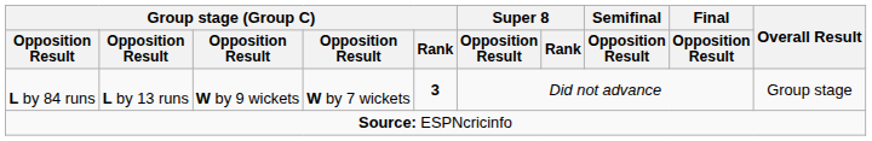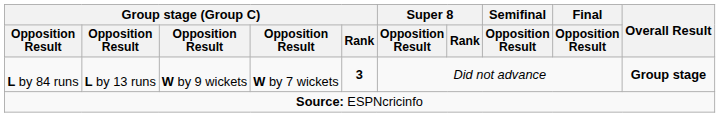 <table class=wikitable style=font-size:90%;text-align:center>
 <tr>
 <th colspan=5>Group stage (Group C)</th>
 <th colspan=2>Super 8</th>
 <th>Semifinal</th>
 <th>Final</th>
 <th rowspan=2>Overall Result</th>
 </tr>
 <tr style=font-size:95%>
 <th>Opposition<br>Result</th>
 <th>Opposition<br>Result</th>
 <th>Opposition<br>Result</th>
 <th>Opposition<br>Result</th>
 <th>Rank</th>
 <th>Opposition<br>Result</th>
 <th>Rank</th>
 <th>Opposition<br>Result</th>
 <th>Opposition<br>Result</th>
 </tr>
 <tr>
 <td><br><strong>L</strong> by 84 runs</td>
 <td><br><strong>L</strong> by 13 runs</td>
 <td><br><strong>W</strong> by 9 wickets</td>
 <td><br><strong>W</strong> by 7 wickets</td>
 <td><strong>3</strong></td>
 <td colspan="4"><em>Did not advance</em></td>
-<td>Group stage</td>
+<td><strong>Group stage</strong></td>
 </tr>
 <tr>
 <td colspan="11"><strong>Source:</strong> ESPNcricinfo</td>
 </tr>
 </table>
